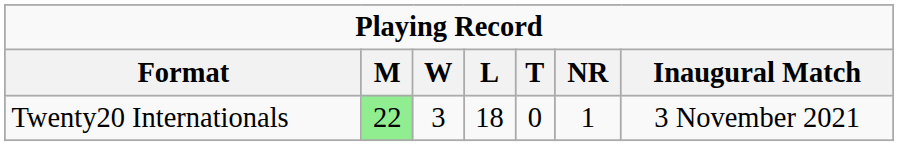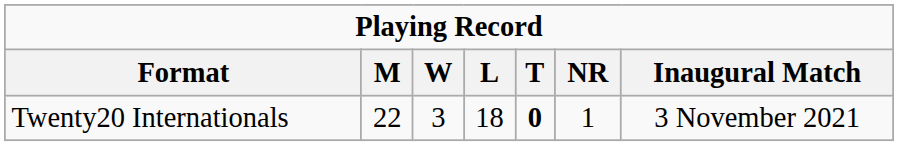 <table class="wikitable" style="text-align: center; width: 500px;">
 <tr>
 <td colspan=7 align="center"><strong>Playing Record</strong></td>
 </tr>
 <tr>
 <th>Format</th>
 <th>M</th>
 <th>W</th>
 <th>L</th>
 <th>T</th>
 <th>NR</th>
 <th>Inaugural Match</th>
 </tr>
 <tr>
 <td align="left">Twenty20 Internationals</td>
-<td style="background: lightgreen;">22</td>
+<td>22</td>
 <td>3</td>
 <td>18</td>
-<td>0</td>
+<td><strong>0</strong></td>
 <td>1</td>
 <td>3 November 2021</td>
 </tr>
 </table>
